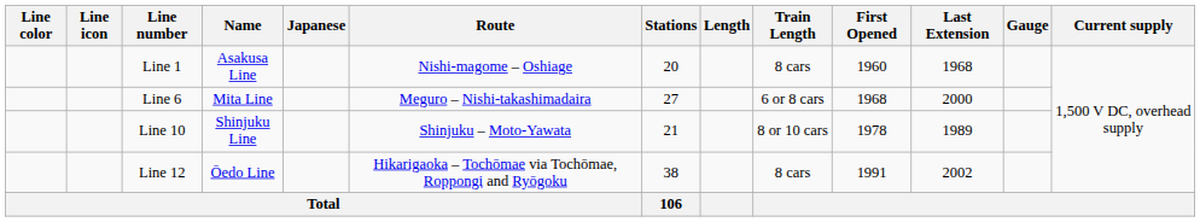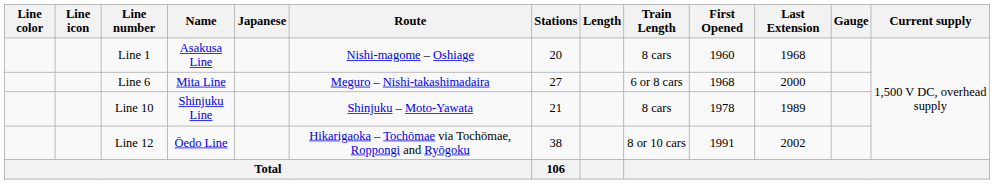 <table class="wikitable sortable" style=margin:auto;font-align:center;text-align:center>
 <tr>
 <th>Line color</th>
 <th>Line icon</th>
 <th>Line number</th>
 <th>Name</th>
 <th>Japanese</th>
 <th>Route</th>
 <th>Stations</th>
 <th>Length</th>
 <th>Train Length</th>
 <th>First Opened</th>
 <th>Last Extension</th>
 <th>Gauge</th>
 <th>Current supply</th>
 </tr>
 <tr>
 <td style="background:#"></td>
 <td style="text-align:center;"></td>
 <td>Line 1</td>
 <td><a href='#'>Asakusa Line</a></td>
 <td></td>
 <td><a href='#'>Nishi-magome</a> – <a href='#'>Oshiage</a></td>
 <td>20</td>
 <td></td>
 <td>8 cars</td>
 <td>1960</td>
 <td>1968</td>
 <td></td>
 <td rowspan="4">1,500 V DC, overhead supply</td>
 </tr>
 <tr>
 <td style="background:#"></td>
 <td style="text-align:center;"></td>
 <td>Line 6</td>
 <td><a href='#'>Mita Line</a></td>
 <td></td>
 <td><a href='#'>Meguro</a> – <a href='#'>Nishi-takashimadaira</a></td>
 <td>27</td>
 <td></td>
 <td>6 or 8 cars</td>
 <td>1968</td>
 <td>2000</td>
 <td></td>
 </tr>
 <tr>
 <td style="background:#"></td>
 <td style="text-align:center;"></td>
 <td>Line 10</td>
 <td><a href='#'>Shinjuku Line</a></td>
 <td></td>
 <td><a href='#'>Shinjuku</a> – <a href='#'>Moto-Yawata</a></td>
 <td>21</td>
 <td></td>
-<td>8 or 10 cars</td>
+<td>8 cars</td>
 <td>1978</td>
 <td>1989</td>
 <td></td>
 </tr>
 <tr>
 <td style="background:#"></td>
 <td style="text-align:center;"></td>
 <td>Line 12</td>
 <td><a href='#'>Ōedo Line</a></td>
 <td></td>
 <td><a href='#'>Hikarigaoka</a> – <a href='#'>Tochōmae</a> via Tochōmae, <a href='#'>Roppongi</a> and <a href='#'>Ryōgoku</a></td>
 <td>38</td>
 <td></td>
-<td>8 cars</td>
+<td>8 or 10 cars</td>
 <td>1991</td>
 <td>2002</td>
 <td></td>
 </tr>
 <tr style="background:#F2F2F2;">
 <td colspan="6"><strong>Total</strong></td>
 <td><strong>106</strong></td>
 <td><strong></strong></td>
 <td colspan="5"> </td>
 </tr>
 </table>
